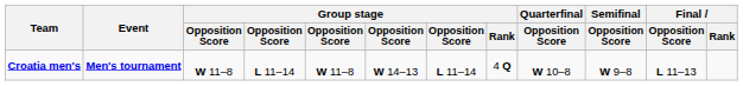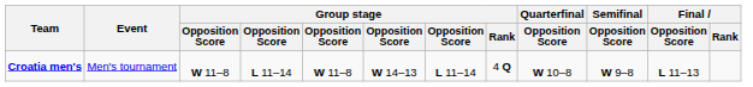 <table class=wikitable style=font-size:90%;text-align:center>
 <tr>
 <th rowspan=2>Team</th>
 <th rowspan=2>Event</th>
 <th colspan=6>Group stage</th>
 <th>Quarterfinal</th>
 <th>Semifinal</th>
 <th colspan=2>Final / </th>
 </tr>
 <tr style=font-size:95%>
 <th>Opposition<br>Score</th>
 <th>Opposition<br>Score</th>
 <th>Opposition<br>Score</th>
 <th>Opposition<br>Score</th>
 <th>Opposition<br>Score</th>
 <th>Rank</th>
 <th>Opposition<br>Score</th>
 <th>Opposition<br>Score</th>
 <th>Opposition<br>Score</th>
 <th>Rank</th>
 </tr>
 <tr>
 <td align=left><strong><a href='#'>Croatia men's</a></strong></td>
-<td align=left><strong><a href='#'>Men's tournament</a></strong></td>
+<td align=left><a href='#'>Men's tournament</a></td>
 <td><br><strong>W</strong> 11–8</td>
 <td><br><strong>L</strong> 11–14</td>
 <td><br><strong>W</strong> 11–8</td>
 <td><br><strong>W</strong> 14–13</td>
 <td><br><strong>L</strong> 11–14</td>
 <td>4 <strong>Q</strong></td>
 <td><br><strong>W</strong> 10–8</td>
 <td><br><strong>W</strong> 9–8</td>
 <td><br><strong>L</strong> 11–13</td>
 <td></td>
 </tr>
 </table>
